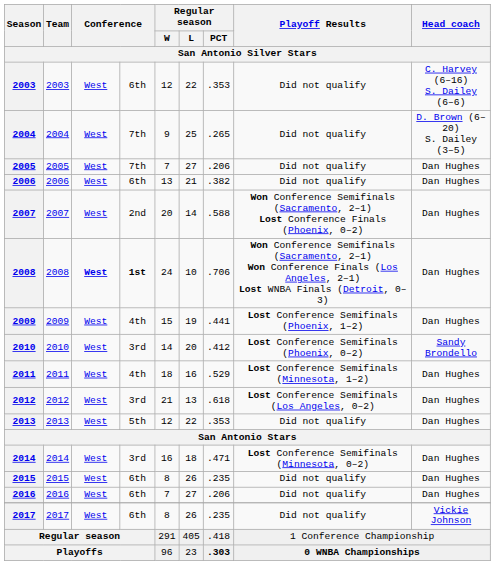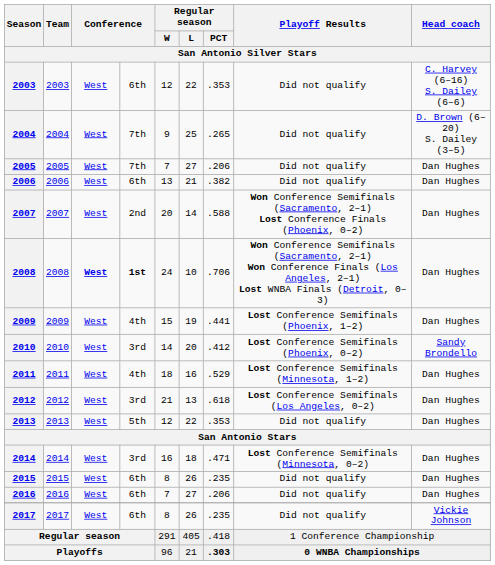 <table class="wikitable" style="margin:1em auto; font-size:95%; text-align: center;">
 <tr>
 <th rowspan=2>Season</th>
 <th rowspan=2>Team</th>
 <th rowspan=2 colspan=2>Conference</th>
 <th colspan=3>Regular season</th>
 <th rowspan=2><a href='#'>Playoff</a> Results</th>
 <th rowspan=2><a href='#'>Head coach</a></th>
 </tr>
 <tr>
 <th>W</th>
 <th>L</th>
 <th>PCT</th>
 </tr>
 <tr>
 <th colspan=9>San Antonio Silver Stars</th>
 </tr>
 <tr>
 <th><a href='#'>2003</a></th>
 <td><a href='#'>2003</a></td>
 <td style="width: 10%"><a href='#'>West</a></td>
 <td>6th</td>
 <td>12</td>
 <td>22</td>
 <td>.353</td>
 <td>Did not qualify</td>
 <td><a href='#'>C. Harvey</a> (6–16)<br><a href='#'>S. Dailey</a> (6–6)</td>
 </tr>
 <tr>
 <th><a href='#'>2004</a></th>
 <td><a href='#'>2004</a></td>
 <td style="width: 10%"><a href='#'>West</a></td>
 <td>7th</td>
 <td>9</td>
 <td>25</td>
 <td>.265</td>
 <td>Did not qualify</td>
 <td><a href='#'>D. Brown</a> (6–20)<br>S. Dailey (3–5)</td>
 </tr>
 <tr>
 <th><a href='#'>2005</a></th>
 <td><a href='#'>2005</a></td>
 <td style="width: 10%"><a href='#'>West</a></td>
 <td>7th</td>
 <td>7</td>
 <td>27</td>
 <td>.206</td>
 <td>Did not qualify</td>
 <td>Dan Hughes</td>
 </tr>
 <tr>
 <th><a href='#'>2006</a></th>
 <td><a href='#'>2006</a></td>
 <td style="width: 10%"><a href='#'>West</a></td>
 <td>6th</td>
 <td>13</td>
 <td>21</td>
 <td>.382</td>
 <td>Did not qualify</td>
 <td>Dan Hughes</td>
 </tr>
 <tr>
 <th><a href='#'>2007</a></th>
 <td><a href='#'>2007</a></td>
 <td style="width: 10%"><a href='#'>West</a></td>
 <td>2nd</td>
 <td>20</td>
 <td>14</td>
 <td>.588</td>
 <td><strong>Won</strong> Conference Semifinals (<a href='#'>Sacramento</a>, 2–1)<br><strong>Lost</strong> Conference Finals (<a href='#'>Phoenix</a>, 0–2)</td>
 <td>Dan Hughes</td>
 </tr>
 <tr>
 <th><a href='#'>2008</a></th>
 <td><a href='#'>2008</a></td>
 <td style="width: 10%"><strong><a href='#'>West</a></strong></td>
 <td><strong>1st</strong></td>
 <td>24</td>
 <td>10</td>
 <td>.706</td>
 <td><strong>Won</strong> Conference Semifinals (<a href='#'>Sacramento</a>, 2–1)<br><strong>Won</strong> Conference Finals (<a href='#'>Los Angeles</a>, 2–1)<br><strong>Lost</strong> WNBA Finals (<a href='#'>Detroit</a>, 0–3)</td>
 <td>Dan Hughes</td>
 </tr>
 <tr>
 <th><a href='#'>2009</a></th>
 <td><a href='#'>2009</a></td>
 <td style="width: 10%"><a href='#'>West</a></td>
 <td>4th</td>
 <td>15</td>
 <td>19</td>
 <td>.441</td>
 <td><strong>Lost</strong> Conference Semifinals (<a href='#'>Phoenix</a>, 1–2)</td>
 <td>Dan Hughes</td>
 </tr>
 <tr>
 <th><a href='#'>2010</a></th>
 <td><a href='#'>2010</a></td>
 <td style="width: 10%"><a href='#'>West</a></td>
 <td>3rd</td>
 <td>14</td>
 <td>20</td>
 <td>.412</td>
 <td><strong>Lost</strong> Conference Semifinals (<a href='#'>Phoenix</a>, 0–2)</td>
 <td><a href='#'>Sandy Brondello</a></td>
 </tr>
 <tr>
 <th><a href='#'>2011</a></th>
 <td><a href='#'>2011</a></td>
 <td style="width: 10%"><a href='#'>West</a></td>
 <td>4th</td>
 <td>18</td>
 <td>16</td>
 <td>.529</td>
 <td><strong>Lost</strong> Conference Semifinals (<a href='#'>Minnesota</a>, 1–2)</td>
 <td>Dan Hughes</td>
 </tr>
 <tr>
 <th><a href='#'>2012</a></th>
 <td><a href='#'>2012</a></td>
 <td style="width: 10%"><a href='#'>West</a></td>
 <td>3rd</td>
 <td>21</td>
 <td>13</td>
 <td>.618</td>
 <td><strong>Lost</strong> Conference Semifinals (<a href='#'>Los Angeles</a>, 0–2)</td>
 <td>Dan Hughes</td>
 </tr>
 <tr>
 <th><a href='#'>2013</a></th>
 <td><a href='#'>2013</a></td>
 <td style="width: 10%"><a href='#'>West</a></td>
 <td>5th</td>
 <td>12</td>
 <td>22</td>
 <td>.353</td>
 <td>Did not qualify</td>
 <td>Dan Hughes</td>
 </tr>
 <tr>
 <th colspan=9>San Antonio Stars</th>
 </tr>
 <tr>
 <th><a href='#'>2014</a></th>
 <td><a href='#'>2014</a></td>
 <td style="width: 10%"><a href='#'>West</a></td>
 <td>3rd</td>
 <td>16</td>
 <td>18</td>
 <td>.471</td>
 <td><strong>Lost</strong> Conference Semifinals (<a href='#'>Minnesota</a>, 0–2)</td>
 <td>Dan Hughes</td>
 </tr>
 <tr>
 <th><a href='#'>2015</a></th>
 <td><a href='#'>2015</a></td>
 <td style="width: 10%"><a href='#'>West</a></td>
 <td>6th</td>
 <td>8</td>
 <td>26</td>
 <td>.235</td>
 <td>Did not qualify</td>
 <td>Dan Hughes</td>
 </tr>
 <tr>
 <th><a href='#'>2016</a></th>
 <td><a href='#'>2016</a></td>
 <td style="width: 10%"><a href='#'>West</a></td>
 <td>6th</td>
 <td>7</td>
 <td>27</td>
 <td>.206</td>
 <td>Did not qualify</td>
 <td>Dan Hughes</td>
 </tr>
 <tr style="background:#f0f0f0">
 </tr>
 <tr>
 <th><a href='#'>2017</a></th>
 <td><a href='#'>2017</a></td>
 <td style="width: 10%"><a href='#'>West</a></td>
 <td>6th</td>
 <td>8</td>
 <td>26</td>
 <td>.235</td>
 <td>Did not qualify</td>
 <td><a href='#'>Vickie Johnson</a></td>
 </tr>
 <tr style="background:#f0f0f0">
 <th colspan=4>Regular season</th>
 <td>291</td>
 <td>405</td>
 <td>.418</td>
 <td colspan=2>1 Conference Championship</td>
 </tr>
 <tr style="background:#f0f0f0">
 <th colspan=4>Playoffs</th>
 <td>96</td>
-<td>23</td>
+<td>21</td>
 <td><strong>.303</strong></td>
 <td colspan=2><strong>0 WNBA Championships</strong></td>
 </tr>
 </table>
